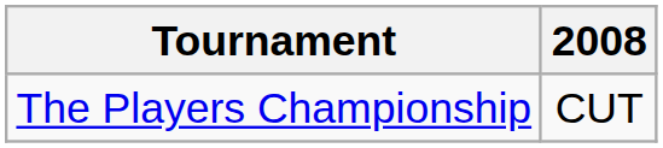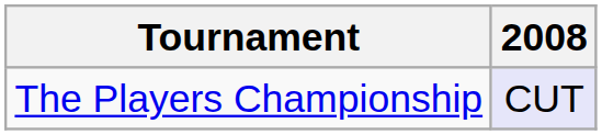 <table class="wikitable" style="font-size:95%;text-align:center;">
 <tr>
 <th>Tournament</th>
 <th>2008</th>
 </tr>
 <tr>
 <td align=left><a href='#'>The Players Championship</a></td>
-<td>CUT</td>
+<td style="background: lavender;">CUT</td>
 </tr>
 </table>
